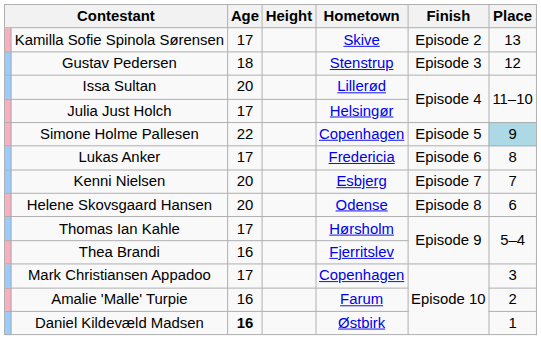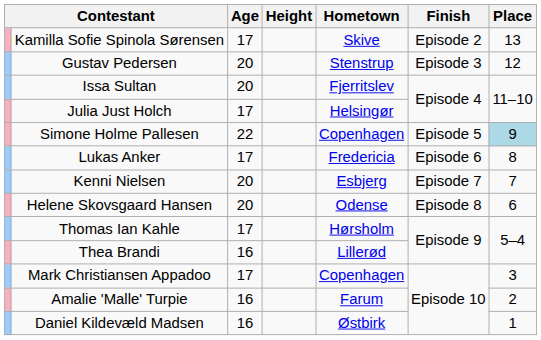 <table class="wikitable sortable" style="text-align:center;">
 <tr>
 <th colspan="2">Contestant</th>
 <th>Age</th>
 <th>Height</th>
 <th>Hometown</th>
 <th>Finish</th>
 <th>Place</th>
 </tr>
 <tr>
 <td style="background:#faafbe"></td>
 <td>Kamilla Sofie Spinola Sørensen</td>
 <td>17</td>
 <td></td>
 <td><a href='#'>Skive</a></td>
 <td>Episode 2</td>
 <td>13</td>
 </tr>
 <tr>
 <td style="background:#9cf;"></td>
 <td>Gustav Pedersen</td>
-<td>18</td>
+<td>20</td>
 <td></td>
 <td><a href='#'>Stenstrup</a></td>
 <td>Episode 3</td>
 <td>12</td>
 </tr>
 <tr>
 <td style="background:#9cf;"></td>
 <td>Issa Sultan</td>
 <td>20</td>
 <td></td>
-<td><a href='#'>Lillerød</a></td>
+<td><a href='#'>Fjerritslev</a></td>
 <td rowspan="2">Episode 4</td>
 <td rowspan="2">11–10</td>
 </tr>
 <tr>
 <td style="background:#faafbe"></td>
 <td>Julia Just Holch</td>
 <td>17</td>
 <td></td>
 <td><a href='#'>Helsingør</a></td>
 </tr>
 <tr>
 <td style="background:#faafbe"></td>
 <td>Simone Holme Pallesen</td>
 <td>22</td>
 <td></td>
 <td><a href='#'>Copenhagen</a></td>
 <td>Episode 5</td>
 <td style="background: lightblue;">9</td>
 </tr>
 <tr>
 <td style="background:#9cf;"></td>
 <td>Lukas Anker</td>
 <td>17</td>
 <td></td>
 <td><a href='#'>Fredericia</a></td>
 <td>Episode 6</td>
 <td>8</td>
 </tr>
 <tr>
 <td style="background:#9cf;"></td>
 <td>Kenni Nielsen</td>
 <td>20</td>
 <td></td>
 <td><a href='#'>Esbjerg</a></td>
 <td>Episode 7</td>
 <td>7</td>
 </tr>
 <tr>
 <td style="background:#faafbe"></td>
 <td>Helene Skovsgaard Hansen</td>
 <td>20</td>
 <td></td>
 <td><a href='#'>Odense</a></td>
 <td>Episode 8</td>
 <td>6</td>
 </tr>
 <tr>
 <td style="background:#9cf"></td>
 <td>Thomas Ian Kahle</td>
 <td>17</td>
 <td></td>
 <td><a href='#'>Hørsholm</a></td>
 <td rowspan="2">Episode 9</td>
 <td rowspan="2">5–4</td>
 </tr>
 <tr>
 <td style="background:#faafbe;"></td>
 <td>Thea Brandi</td>
 <td>16</td>
 <td></td>
-<td><a href='#'>Fjerritslev</a></td>
+<td><a href='#'>Lillerød</a></td>
 </tr>
 <tr>
 <td style="background:#9cf;"></td>
 <td>Mark Christiansen Appadoo</td>
 <td>17</td>
 <td></td>
 <td><a href='#'>Copenhagen</a></td>
 <td rowspan="3">Episode 10</td>
 <td>3</td>
 </tr>
 <tr>
 <td style="background:#faafbe"></td>
 <td>Amalie 'Malle' Turpie</td>
 <td>16</td>
 <td></td>
 <td><a href='#'>Farum</a></td>
 <td>2</td>
 </tr>
 <tr>
 <td style="background:#9cf;"></td>
 <td>Daniel Kildevæld Madsen</td>
-<td><strong>16</strong></td>
+<td>16</td>
 <td></td>
 <td><a href='#'>Østbirk</a></td>
 <td>1</td>
 </tr>
 </table>
